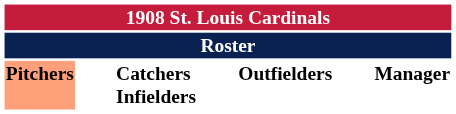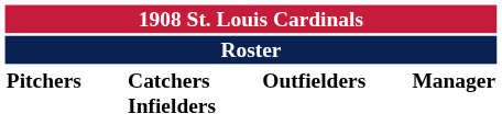 <table class="toccolours" style="font-size: 95%;">
 <tr>
 <th colspan="10" style="background-color: #c41c3a; color: white; text-align: center;">1908 St. Louis Cardinals</th>
 </tr>
 <tr>
 <td colspan="10" style="background-color: #0a2252; color: white; text-align: center;"><strong>Roster</strong></td>
 </tr>
 <tr>
-<td valign="top" style="background: lightsalmon;"><strong>Pitchers</strong><br>          </td>
+<td valign="top"><strong>Pitchers</strong><br>          </td>
 <td width="25px"></td>
 <td valign="top"><strong>Catchers</strong><br>     <strong>Infielders</strong>        </td>
 <td width="25px"></td>
 <td valign="top"><strong>Outfielders</strong><br>     </td>
 <td width="25px"></td>
 <td valign="top"><strong>Manager</strong><br></td>
 </tr>
 </table>
